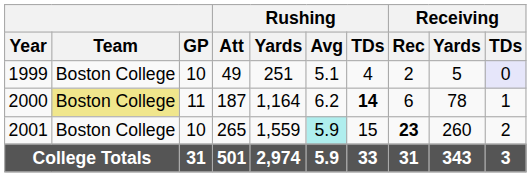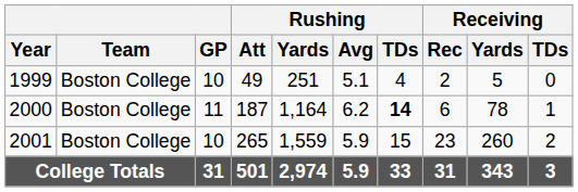 <table class="wikitable" style="text-align:center;">
 <tr>
 <th colspan=3></th>
 <th colspan=4>Rushing</th>
 <th colspan=3>Receiving</th>
 </tr>
 <tr>
 <th>Year</th>
 <th>Team</th>
 <th>GP</th>
 <th>Att</th>
 <th>Yards</th>
 <th>Avg</th>
 <th>TDs</th>
 <th>Rec</th>
 <th>Yards</th>
 <th>TDs</th>
 </tr>
 <tr>
 <td>1999</td>
 <td>Boston College</td>
 <td>10</td>
 <td>49</td>
 <td>251</td>
 <td>5.1</td>
 <td>4</td>
 <td>2</td>
 <td>5</td>
-<td style="background: lavender;">0</td>
+<td>0</td>
 </tr>
 <tr>
 <td>2000</td>
-<td style="background: khaki;">Boston College</td>
+<td>Boston College</td>
 <td>11</td>
 <td>187</td>
 <td>1,164</td>
 <td>6.2</td>
 <td><strong>14</strong></td>
 <td>6</td>
 <td>78</td>
 <td>1</td>
 </tr>
 <tr>
 <td>2001</td>
 <td>Boston College</td>
 <td>10</td>
 <td>265</td>
 <td>1,559</td>
-<td style="background: paleturquoise;">5.9</td>
+<td>5.9</td>
 <td>15</td>
-<td><strong>23</strong></td>
+<td>23</td>
 <td>260</td>
 <td>2</td>
 </tr>
 <tr style="background:#555; font-weight:bold; color:white;">
 <td colspan=2>College Totals</td>
 <td>31</td>
 <td>501</td>
 <td>2,974</td>
 <td>5.9</td>
 <td>33</td>
 <td>31</td>
 <td>343</td>
 <td>3</td>
 </tr>
 </table>
